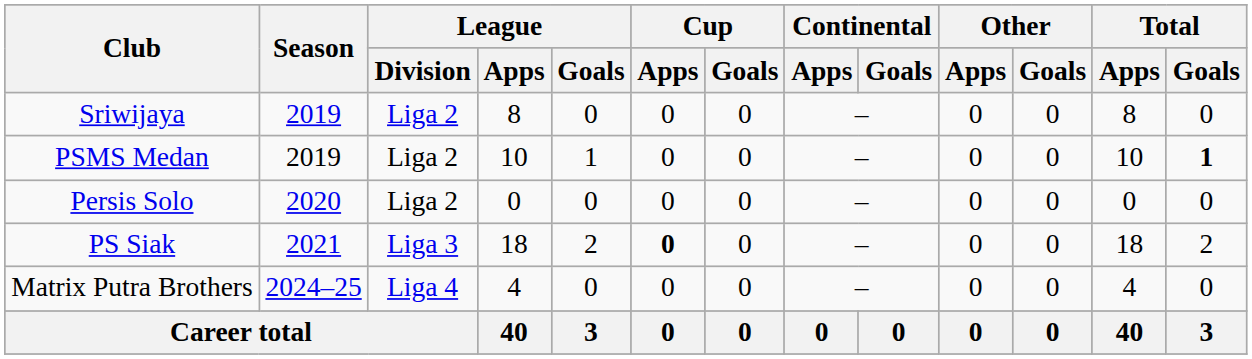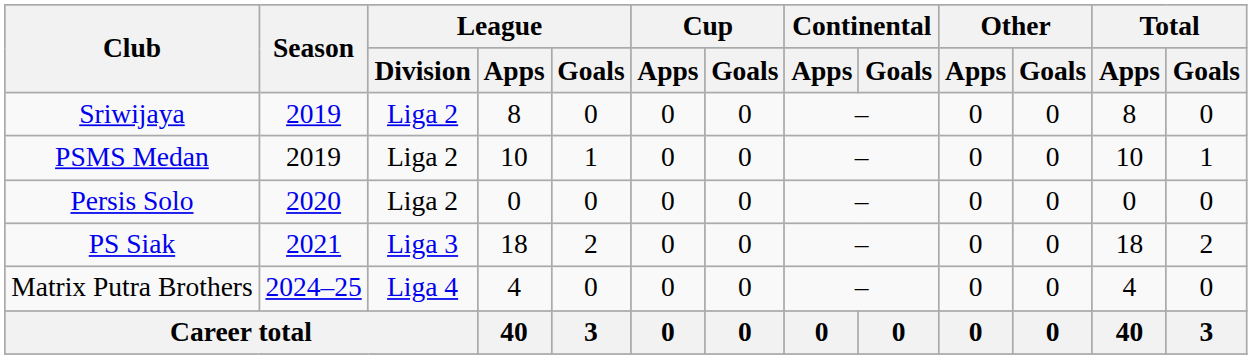 <table class="wikitable" style="text-align:center">
 <tr>
 <th rowspan="2">Club</th>
 <th rowspan="2">Season</th>
 <th colspan="3">League</th>
 <th colspan="2">Cup</th>
 <th colspan="2">Continental</th>
 <th colspan="2">Other</th>
 <th colspan="2">Total</th>
 </tr>
 <tr>
 <th>Division</th>
 <th>Apps</th>
 <th>Goals</th>
 <th>Apps</th>
 <th>Goals</th>
 <th>Apps</th>
 <th>Goals</th>
 <th>Apps</th>
 <th>Goals</th>
 <th>Apps</th>
 <th>Goals</th>
 </tr>
 <tr>
 <td><a href='#'>Sriwijaya</a></td>
 <td><a href='#'>2019</a></td>
 <td><a href='#'>Liga 2</a></td>
 <td>8</td>
 <td>0</td>
 <td>0</td>
 <td>0</td>
 <td colspan="2">–</td>
 <td>0</td>
 <td>0</td>
 <td>8</td>
 <td>0</td>
 </tr>
 <tr>
 <td><a href='#'>PSMS Medan</a></td>
 <td>2019</td>
 <td>Liga 2</td>
 <td>10</td>
 <td>1</td>
 <td>0</td>
 <td>0</td>
 <td colspan="2">–</td>
 <td>0</td>
 <td>0</td>
 <td>10</td>
-<td><strong>1</strong></td>
+<td>1</td>
 </tr>
 <tr>
 <td><a href='#'>Persis Solo</a></td>
 <td><a href='#'>2020</a></td>
 <td>Liga 2</td>
 <td>0</td>
 <td>0</td>
 <td>0</td>
 <td>0</td>
 <td colspan="2">–</td>
 <td>0</td>
 <td>0</td>
 <td>0</td>
 <td>0</td>
 </tr>
 <tr>
 <td><a href='#'>PS Siak</a></td>
 <td><a href='#'>2021</a></td>
 <td><a href='#'>Liga 3</a></td>
 <td>18</td>
 <td>2</td>
-<td><strong>0</strong></td>
+<td>0</td>
 <td>0</td>
 <td colspan="2">–</td>
 <td>0</td>
 <td>0</td>
 <td>18</td>
 <td>2</td>
 </tr>
 <tr>
 <td>Matrix Putra Brothers</td>
 <td><a href='#'>2024–25</a></td>
 <td><a href='#'>Liga 4</a></td>
 <td>4</td>
 <td>0</td>
 <td>0</td>
 <td>0</td>
 <td colspan="2">–</td>
 <td>0</td>
 <td>0</td>
 <td>4</td>
 <td>0</td>
 </tr>
 <tr>
 <th colspan="3">Career total</th>
 <th>40</th>
 <th>3</th>
 <th>0</th>
 <th>0</th>
 <th>0</th>
 <th>0</th>
 <th>0</th>
 <th>0</th>
 <th>40</th>
 <th>3</th>
 </tr>
 </table>
